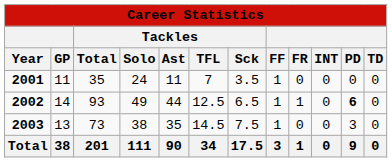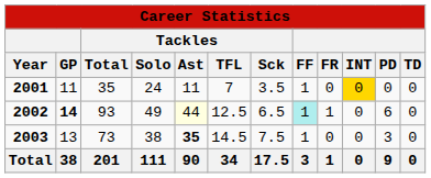 <table class="wikitable">
 <tr bgcolor="#CE1009">
 <td colspan="12" align="center"><span><strong>Career Statistics</strong></span></td>
 </tr>
 <tr>
 <th colspan="2" align="center"></th>
 <th colspan="5" align="center"><strong>Tackles</strong></th>
 <th colspan="5" align="center"></th>
 </tr>
 <tr align="center">
 <th>Year</th>
 <th>GP</th>
 <th>Total</th>
 <th>Solo</th>
 <th>Ast</th>
 <th>TFL</th>
 <th>Sck</th>
 <th>FF</th>
 <th>FR</th>
 <th>INT</th>
 <th>PD</th>
 <th>TD</th>
 </tr>
 <tr align="center">
 <td><strong>2001</strong></td>
 <td>11</td>
 <td>35</td>
 <td>24</td>
 <td>11</td>
 <td>7</td>
 <td>3.5</td>
 <td>1</td>
 <td>0</td>
-<td>0</td>
+<td style="background: gold;">0</td>
 <td>0</td>
 <td>0</td>
 </tr>
 <tr align="center">
 <td><strong>2002</strong></td>
-<td>14</td>
+<td><strong>14</strong></td>
 <td>93</td>
 <td>49</td>
-<td>44</td>
+<td style="background: lightyellow;">44</td>
 <td>12.5</td>
 <td>6.5</td>
-<td>1</td>
+<td style="background: paleturquoise;">1</td>
 <td>1</td>
 <td>0</td>
-<td><strong>6</strong></td>
+<td>6</td>
 <td>0</td>
 </tr>
 <tr align="center">
 <td><strong>2003</strong></td>
 <td>13</td>
 <td>73</td>
 <td>38</td>
-<td>35</td>
+<td><strong>35</strong></td>
 <td>14.5</td>
 <td>7.5</td>
 <td>1</td>
 <td>0</td>
 <td>0</td>
 <td>3</td>
 <td>0</td>
 </tr>
 <tr align="center">
 <th><strong>Total</strong></th>
 <th>38</th>
 <th>201</th>
 <th>111</th>
 <th>90</th>
 <th>34</th>
 <th>17.5</th>
 <th>3</th>
 <th>1</th>
 <th>0</th>
 <th>9</th>
 <th>0</th>
 </tr>
 </table>
